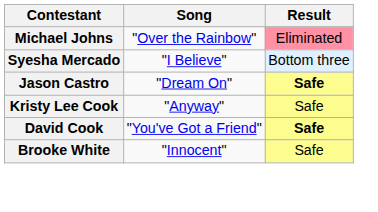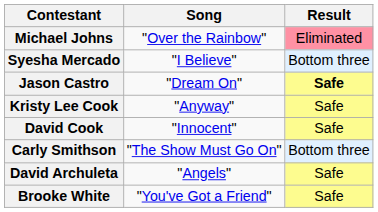 <table class="wikitable unsortable" style="text-align:center;">
 <tr>
 <th scope="col">Contestant</th>
 <th scope="col">Song</th>
 <th scope="col">Result</th>
 </tr>
 <tr>
 <th scope="row">Michael Johns</th>
 <td>"<a href='#'>Over the Rainbow</a>"</td>
 <td bgcolor="FF91A4">Eliminated</td>
 </tr>
 <tr>
 <th scope="row">Syesha Mercado</th>
 <td>"<a href='#'>I Believe</a>"</td>
 <td bgcolor="E0F0FF">Bottom three</td>
 </tr>
 <tr>
 <th scope="row">Jason Castro</th>
 <td>"<a href='#'>Dream On</a>"</td>
 <td style="background:#FDFC8F"><strong>Safe</strong></td>
 </tr>
 <tr>
 <th scope="row">Kristy Lee Cook</th>
 <td>"<a href='#'>Anyway</a>"</td>
 <td style="background:#FDFC8F">Safe</td>
 </tr>
 <tr>
 <th scope="row">David Cook</th>
-<td>"<a href='#'>You've Got a Friend</a>"</td>
-<td style="background:#FDFC8F"><strong>Safe</strong></td>
+<td>"<a href='#'>Innocent</a>"</td>
+<td style="background:#FDFC8F">Safe</td>
+</tr>
+<tr s>
+<th scope="row">Carly Smithson</th>
+<td>"<a href='#'>The Show Must Go On</a>"</td>
+<td bgcolor="E0F0FF">Bottom three</td>
+</tr>
+<tr>
+<th scope="row">David Archuleta</th>
+<td>"<a href='#'>Angels</a>"</td>
+<td style="background:#FDFC8F">Safe</td>
 </tr>
 <tr>
 <th scope="row">Brooke White</th>
-<td>"<a href='#'>Innocent</a>"</td>
+<td>"<a href='#'>You've Got a Friend</a>"</td>
 <td style="background:#FDFC8F">Safe</td>
 </tr>
 </table>
